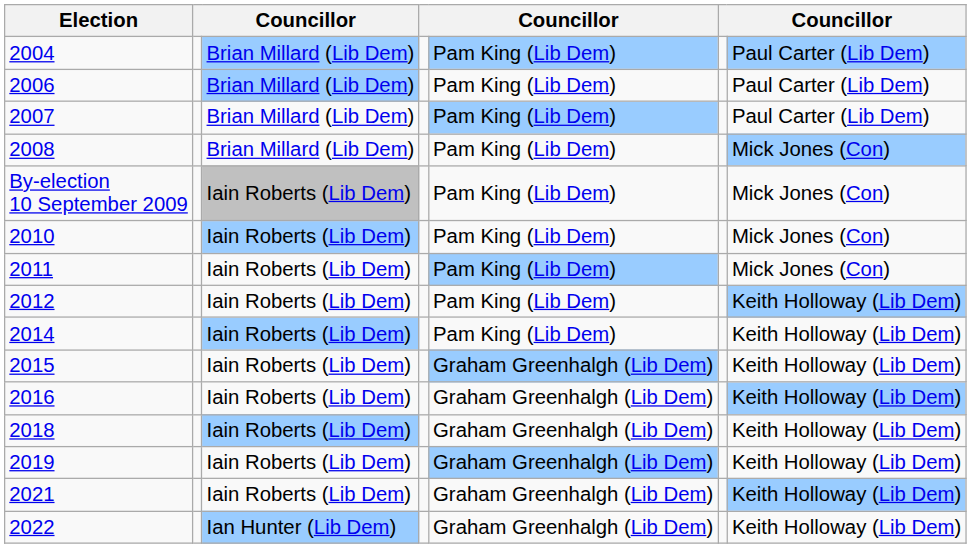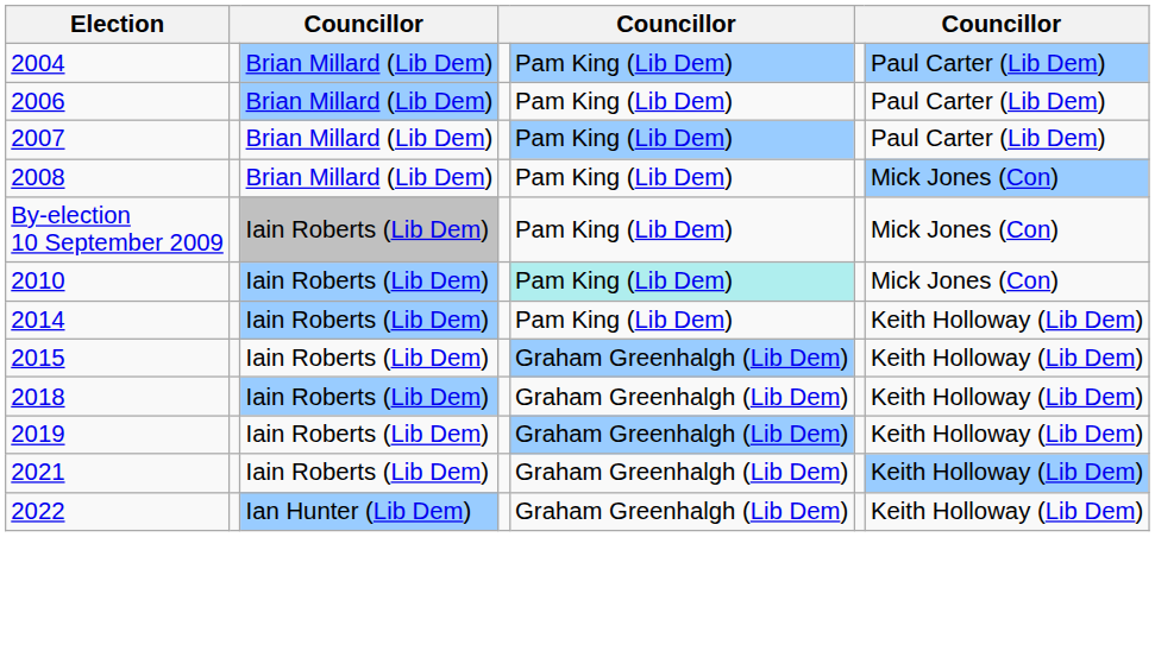 <table class="wikitable">
 <tr>
 <th>Election</th>
 <th colspan="2">Councillor</th>
 <th colspan="2">Councillor</th>
 <th colspan="2">Councillor</th>
 </tr>
 <tr>
 <td><a href='#'>2004</a></td>
 <td style="background-color: "></td>
 <td bgcolor="#99CCFF"><a href='#'>Brian Millard</a> (<a href='#'>Lib Dem</a>)</td>
 <td style="background-color: "></td>
 <td bgcolor="#99CCFF">Pam King (<a href='#'>Lib Dem</a>)</td>
 <td style="background-color: "></td>
 <td bgcolor="#99CCFF">Paul Carter (<a href='#'>Lib Dem</a>)</td>
 </tr>
 <tr>
 <td><a href='#'>2006</a></td>
 <td style="background-color: "></td>
 <td bgcolor="#99CCFF"><a href='#'>Brian Millard</a> (<a href='#'>Lib Dem</a>)</td>
 <td style="background-color: "></td>
 <td>Pam King (<a href='#'>Lib Dem</a>)</td>
 <td style="background-color: "></td>
 <td>Paul Carter (<a href='#'>Lib Dem</a>)</td>
 </tr>
 <tr>
 <td><a href='#'>2007</a></td>
 <td style="background-color: "></td>
 <td><a href='#'>Brian Millard</a> (<a href='#'>Lib Dem</a>)</td>
 <td style="background-color: "></td>
 <td bgcolor="#99CCFF">Pam King (<a href='#'>Lib Dem</a>)</td>
 <td style="background-color: "></td>
 <td>Paul Carter (<a href='#'>Lib Dem</a>)</td>
 </tr>
 <tr>
 <td><a href='#'>2008</a></td>
 <td style="background-color: "></td>
 <td><a href='#'>Brian Millard</a> (<a href='#'>Lib Dem</a>)</td>
 <td style="background-color: "></td>
 <td>Pam King (<a href='#'>Lib Dem</a>)</td>
 <td style="background-color: "></td>
 <td bgcolor="#99CCFF">Mick Jones (<a href='#'>Con</a>)</td>
 </tr>
 <tr>
 <td><a href='#'>By-election<br>10 September 2009</a></td>
 <td style="background-color: "></td>
 <td bgcolor="#C0C0C0">Iain Roberts (<a href='#'>Lib Dem</a>)</td>
 <td style="background-color: "></td>
 <td>Pam King (<a href='#'>Lib Dem</a>)</td>
 <td style="background-color: "></td>
 <td>Mick Jones (<a href='#'>Con</a>)</td>
 </tr>
 <tr>
 <td><a href='#'>2010</a></td>
 <td style="background-color: "></td>
 <td bgcolor="#99CCFF">Iain Roberts (<a href='#'>Lib Dem</a>)</td>
 <td style="background-color: "></td>
-<td>Pam King (<a href='#'>Lib Dem</a>)</td>
+<td style="background: paleturquoise;">Pam King (<a href='#'>Lib Dem</a>)</td>
 <td style="background-color: "></td>
 <td>Mick Jones (<a href='#'>Con</a>)</td>
-</tr>
-<tr>
-<td><a href='#'>2011</a></td>
-<td style="background-color: "></td>
-<td>Iain Roberts (<a href='#'>Lib Dem</a>)</td>
-<td style="background-color: "></td>
-<td bgcolor="#99CCFF">Pam King (<a href='#'>Lib Dem</a>)</td>
-<td style="background-color: "></td>
-<td>Mick Jones (<a href='#'>Con</a>)</td>
-</tr>
-<tr>
-<td><a href='#'>2012</a></td>
-<td style="background-color: "></td>
-<td>Iain Roberts (<a href='#'>Lib Dem</a>)</td>
-<td style="background-color: "></td>
-<td>Pam King (<a href='#'>Lib Dem</a>)</td>
-<td style="background-color: "></td>
-<td bgcolor="#99CCFF">Keith Holloway (<a href='#'>Lib Dem</a>)</td>
 </tr>
 <tr>
 <td><a href='#'>2014</a></td>
 <td style="background-color: "></td>
 <td bgcolor="#99CCFF">Iain Roberts (<a href='#'>Lib Dem</a>)</td>
 <td style="background-color: "></td>
 <td>Pam King (<a href='#'>Lib Dem</a>)</td>
 <td style="background-color: "></td>
 <td>Keith Holloway (<a href='#'>Lib Dem</a>)</td>
 </tr>
 <tr>
 <td><a href='#'>2015</a></td>
 <td style="background-color: "></td>
 <td>Iain Roberts (<a href='#'>Lib Dem</a>)</td>
 <td style="background-color: "></td>
 <td bgcolor="#99CCFF">Graham Greenhalgh (<a href='#'>Lib Dem</a>)</td>
 <td style="background-color: "></td>
 <td>Keith Holloway (<a href='#'>Lib Dem</a>)</td>
-</tr>
-<tr>
-<td><a href='#'>2016</a></td>
-<td style="background-color: "></td>
-<td>Iain Roberts (<a href='#'>Lib Dem</a>)</td>
-<td style="background-color: "></td>
-<td>Graham Greenhalgh (<a href='#'>Lib Dem</a>)</td>
-<td style="background-color: "></td>
-<td bgcolor="#99CCFF">Keith Holloway (<a href='#'>Lib Dem</a>)</td>
 </tr>
 <tr>
 <td><a href='#'>2018</a></td>
 <td style="background-color: "></td>
 <td bgcolor="#99CCFF">Iain Roberts (<a href='#'>Lib Dem</a>)</td>
 <td style="background-color: "></td>
 <td>Graham Greenhalgh (<a href='#'>Lib Dem</a>)</td>
 <td style="background-color: "></td>
 <td>Keith Holloway (<a href='#'>Lib Dem</a>)</td>
 </tr>
 <tr>
 <td><a href='#'>2019</a></td>
 <td style="background-color: "></td>
 <td>Iain Roberts (<a href='#'>Lib Dem</a>)</td>
 <td style="background-color: "></td>
 <td bgcolor="#99CCFF">Graham Greenhalgh (<a href='#'>Lib Dem</a>)</td>
 <td style="background-color: "></td>
 <td>Keith Holloway (<a href='#'>Lib Dem</a>)</td>
 </tr>
 <tr>
 <td><a href='#'>2021</a></td>
 <td style="background-color: "></td>
 <td>Iain Roberts (<a href='#'>Lib Dem</a>)</td>
 <td style="background-color: "></td>
 <td>Graham Greenhalgh (<a href='#'>Lib Dem</a>)</td>
 <td style="background-color: "></td>
 <td bgcolor="#99CCFF">Keith Holloway (<a href='#'>Lib Dem</a>)</td>
 </tr>
 <tr>
 <td><a href='#'>2022</a></td>
 <td style="background-color: "></td>
 <td bgcolor="#99CCFF">Ian Hunter (<a href='#'>Lib Dem</a>)</td>
 <td style="background-color: "></td>
 <td>Graham Greenhalgh (<a href='#'>Lib Dem</a>)</td>
 <td style="background-color: "></td>
 <td>Keith Holloway (<a href='#'>Lib Dem</a>)</td>
 </tr>
 </table>
